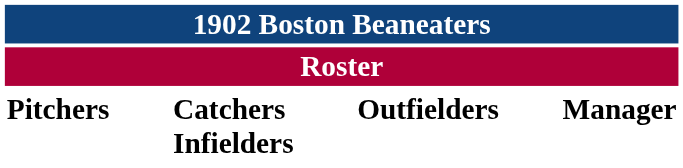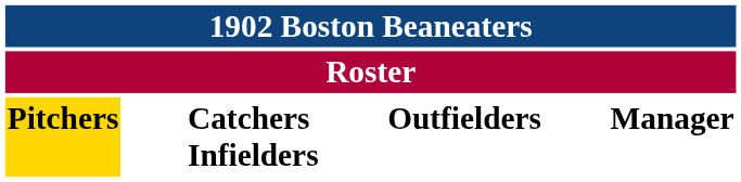 <table class="toccolours" style="font-size: 95%;">
 <tr>
 <th colspan="10" style="background-color: #0f437c; color: white; text-align: center;">1902 Boston Beaneaters</th>
 </tr>
 <tr>
 <td colspan="10" style="background-color: #af0039; color: white; text-align: center;"><strong>Roster</strong></td>
 </tr>
 <tr>
-<td valign="top"><strong>Pitchers</strong><br>        </td>
+<td valign="top" style="background: gold;"><strong>Pitchers</strong><br>        </td>
 <td width="25px"></td>
 <td valign="top"><strong>Catchers</strong><br>  <strong>Infielders</strong>     </td>
 <td width="25px"></td>
 <td valign="top"><strong>Outfielders</strong><br>    </td>
 <td width="25px"></td>
 <td valign="top"><strong>Manager</strong><br></td>
 </tr>
 </table>
